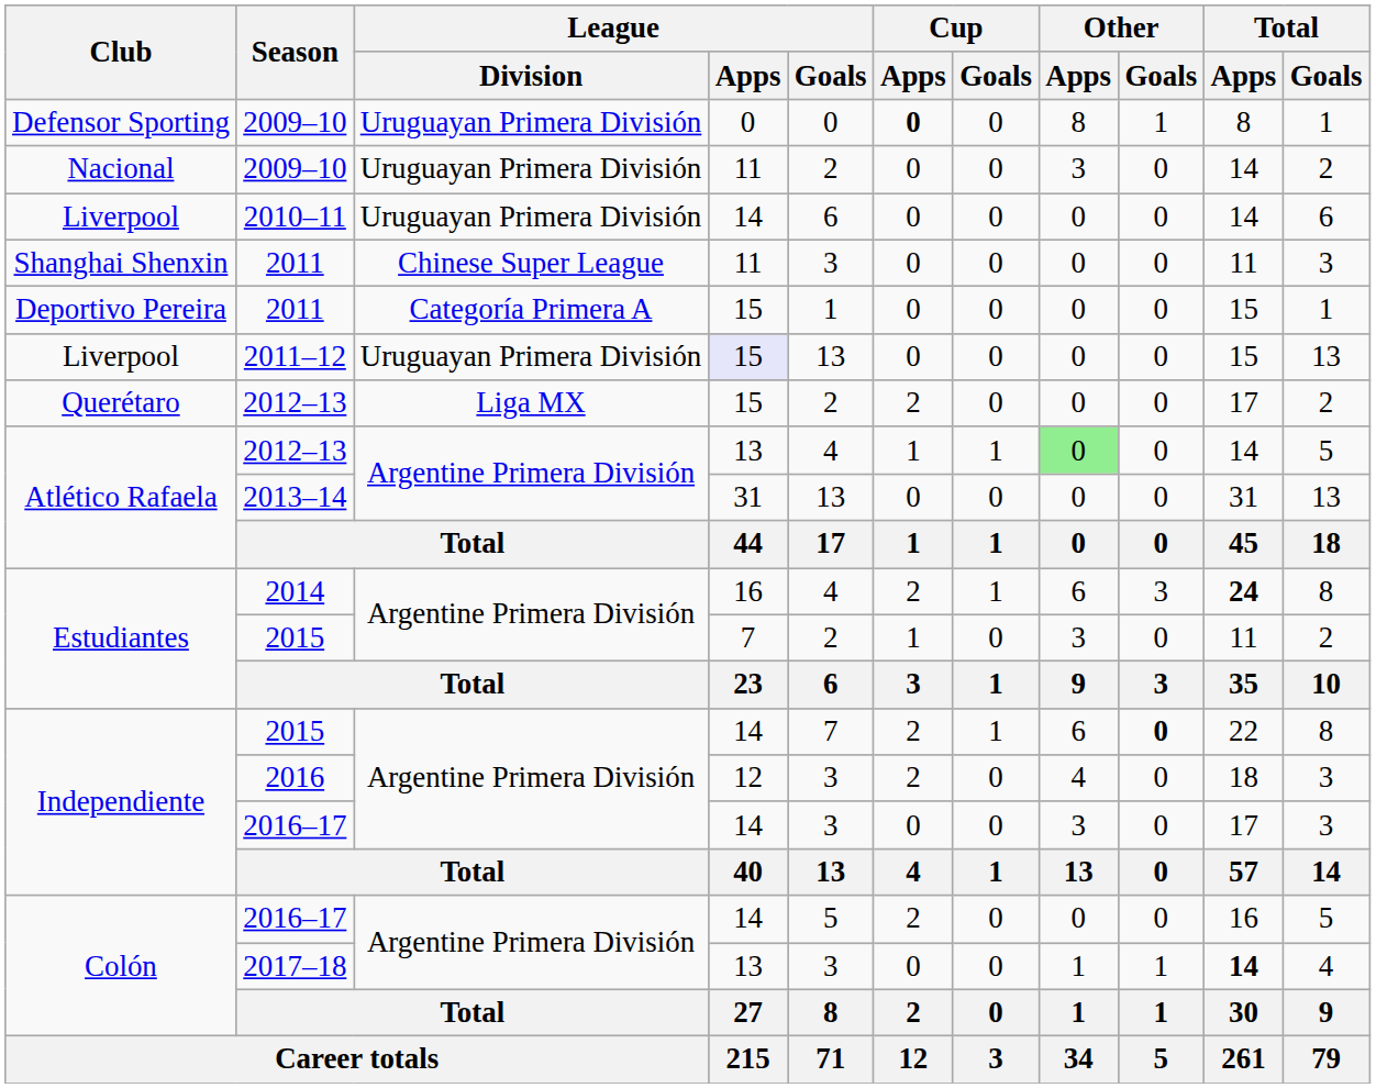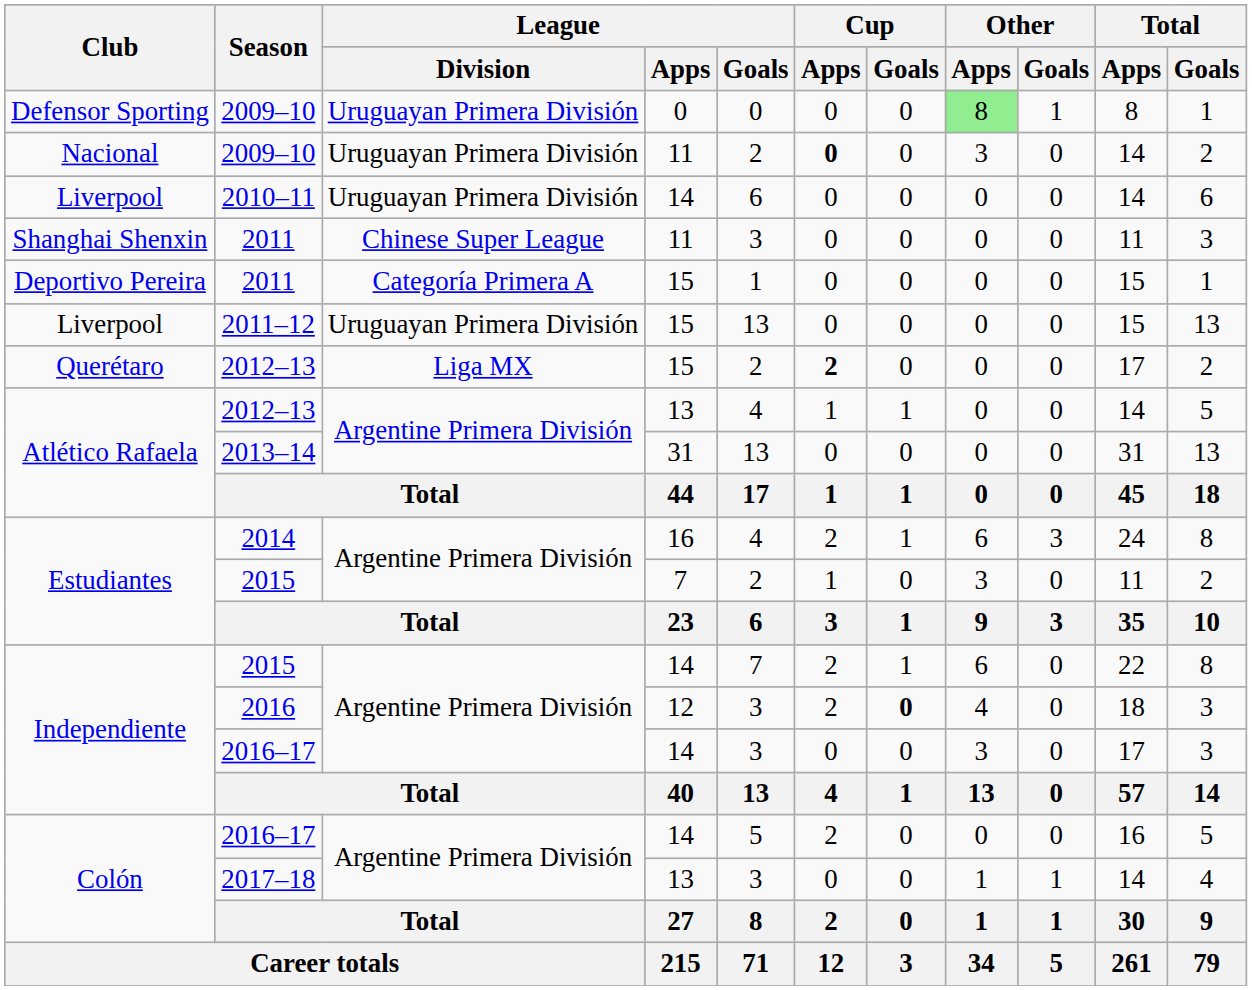 <table class="wikitable" style="text-align: center">
 <tr>
 <th rowspan=2>Club</th>
 <th rowspan=2>Season</th>
 <th colspan=3>League</th>
 <th colspan=2>Cup</th>
 <th colspan=2>Other</th>
 <th colspan=2>Total</th>
 </tr>
 <tr>
 <th>Division</th>
 <th>Apps</th>
 <th>Goals</th>
 <th>Apps</th>
 <th>Goals</th>
 <th>Apps</th>
 <th>Goals</th>
 <th>Apps</th>
 <th>Goals</th>
 </tr>
 <tr>
 <td><a href='#'>Defensor Sporting</a></td>
 <td><a href='#'>2009–10</a></td>
 <td><a href='#'>Uruguayan Primera División</a></td>
 <td>0</td>
 <td>0</td>
-<td><strong>0</strong></td>
 <td>0</td>
-<td>8</td>
+<td>0</td>
+<td style="background: lightgreen;">8</td>
 <td>1</td>
 <td>8</td>
 <td>1</td>
 </tr>
 <tr>
 <td><a href='#'>Nacional</a></td>
 <td><a href='#'>2009–10</a></td>
 <td>Uruguayan Primera División</td>
 <td>11</td>
 <td>2</td>
-<td>0</td>
+<td><strong>0</strong></td>
 <td>0</td>
 <td>3</td>
 <td>0</td>
 <td>14</td>
 <td>2</td>
 </tr>
 <tr>
 <td><a href='#'>Liverpool</a></td>
 <td><a href='#'>2010–11</a></td>
 <td>Uruguayan Primera División</td>
 <td>14</td>
 <td>6</td>
 <td>0</td>
 <td>0</td>
 <td>0</td>
 <td>0</td>
 <td>14</td>
 <td>6</td>
 </tr>
 <tr>
 <td><a href='#'>Shanghai Shenxin</a></td>
 <td><a href='#'>2011</a></td>
 <td><a href='#'>Chinese Super League</a></td>
 <td>11</td>
 <td>3</td>
 <td>0</td>
 <td>0</td>
 <td>0</td>
 <td>0</td>
 <td>11</td>
 <td>3</td>
 </tr>
 <tr>
 <td><a href='#'>Deportivo Pereira</a></td>
 <td><a href='#'>2011</a></td>
 <td><a href='#'>Categoría Primera A</a></td>
 <td>15</td>
 <td>1</td>
 <td>0</td>
 <td>0</td>
 <td>0</td>
 <td>0</td>
 <td>15</td>
 <td>1</td>
 </tr>
 <tr>
 <td>Liverpool</td>
 <td><a href='#'>2011–12</a></td>
 <td>Uruguayan Primera División</td>
-<td style="background: lavender;">15</td>
+<td>15</td>
 <td>13</td>
 <td>0</td>
 <td>0</td>
 <td>0</td>
 <td>0</td>
 <td>15</td>
 <td>13</td>
 </tr>
 <tr>
 <td><a href='#'>Querétaro</a></td>
 <td><a href='#'>2012–13</a></td>
 <td><a href='#'>Liga MX</a></td>
 <td>15</td>
 <td>2</td>
-<td>2</td>
+<td><strong>2</strong></td>
 <td>0</td>
 <td>0</td>
 <td>0</td>
 <td>17</td>
 <td>2</td>
 </tr>
 <tr>
 <td rowspan=3><a href='#'>Atlético Rafaela</a></td>
 <td><a href='#'>2012–13</a></td>
 <td rowspan=2><a href='#'>Argentine Primera División</a></td>
 <td>13</td>
 <td>4</td>
 <td>1</td>
 <td>1</td>
-<td style="background: lightgreen;">0</td>
+<td>0</td>
 <td>0</td>
 <td>14</td>
 <td>5</td>
 </tr>
 <tr>
 <td><a href='#'>2013–14</a></td>
 <td>31</td>
 <td>13</td>
 <td>0</td>
 <td>0</td>
 <td>0</td>
 <td>0</td>
 <td>31</td>
 <td>13</td>
 </tr>
 <tr>
 <th colspan=2>Total</th>
 <th>44</th>
 <th>17</th>
 <th>1</th>
 <th>1</th>
 <th>0</th>
 <th>0</th>
 <th>45</th>
 <th>18</th>
 </tr>
 <tr>
 <td rowspan=3><a href='#'>Estudiantes</a></td>
 <td><a href='#'>2014</a></td>
 <td rowspan=2>Argentine Primera División</td>
 <td>16</td>
 <td>4</td>
 <td>2</td>
 <td>1</td>
 <td>6</td>
 <td>3</td>
-<td><strong>24</strong></td>
+<td>24</td>
 <td>8</td>
 </tr>
 <tr>
 <td><a href='#'>2015</a></td>
 <td>7</td>
 <td>2</td>
 <td>1</td>
 <td>0</td>
 <td>3</td>
 <td>0</td>
 <td>11</td>
 <td>2</td>
 </tr>
 <tr>
 <th colspan=2>Total</th>
 <th>23</th>
 <th>6</th>
 <th>3</th>
 <th>1</th>
 <th>9</th>
 <th>3</th>
 <th>35</th>
 <th>10</th>
 </tr>
 <tr>
 <td rowspan=4><a href='#'>Independiente</a></td>
 <td><a href='#'>2015</a></td>
 <td rowspan=3>Argentine Primera División</td>
 <td>14</td>
 <td>7</td>
 <td>2</td>
 <td>1</td>
 <td>6</td>
-<td><strong>0</strong></td>
+<td>0</td>
 <td>22</td>
 <td>8</td>
 </tr>
 <tr>
 <td><a href='#'>2016</a></td>
 <td>12</td>
 <td>3</td>
 <td>2</td>
-<td>0</td>
+<td><strong>0</strong></td>
 <td>4</td>
 <td>0</td>
 <td>18</td>
 <td>3</td>
 </tr>
 <tr>
 <td><a href='#'>2016–17</a></td>
 <td>14</td>
 <td>3</td>
 <td>0</td>
 <td>0</td>
 <td>3</td>
 <td>0</td>
 <td>17</td>
 <td>3</td>
 </tr>
 <tr>
 <th colspan=2>Total</th>
 <th>40</th>
 <th>13</th>
 <th>4</th>
 <th>1</th>
 <th>13</th>
 <th>0</th>
 <th>57</th>
 <th>14</th>
 </tr>
 <tr>
 <td rowspan=3><a href='#'>Colón</a></td>
 <td><a href='#'>2016–17</a></td>
 <td rowspan=2>Argentine Primera División</td>
 <td>14</td>
 <td>5</td>
 <td>2</td>
 <td>0</td>
 <td>0</td>
 <td>0</td>
 <td>16</td>
 <td>5</td>
 </tr>
 <tr>
 <td><a href='#'>2017–18</a></td>
 <td>13</td>
 <td>3</td>
 <td>0</td>
 <td>0</td>
 <td>1</td>
 <td>1</td>
-<td><strong>14</strong></td>
+<td>14</td>
 <td>4</td>
 </tr>
 <tr>
 <th colspan=2>Total</th>
 <th>27</th>
 <th>8</th>
 <th>2</th>
 <th>0</th>
 <th>1</th>
 <th>1</th>
 <th>30</th>
 <th>9</th>
 </tr>
 <tr>
 <th colspan=3>Career totals</th>
 <th>215</th>
 <th>71</th>
 <th>12</th>
 <th>3</th>
 <th>34</th>
 <th>5</th>
 <th>261</th>
 <th>79</th>
 </tr>
 </table>
